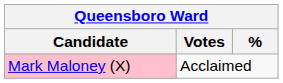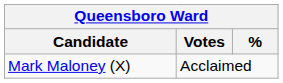 <table class="wikitable">
 <tr>
 <th colspan="3"><a href='#'>Queensboro Ward</a></th>
 </tr>
 <tr>
 <th style="width: 170px">Candidate</th>
 <th style="width: 50px">Votes</th>
 <th style="width: 40px">%</th>
 </tr>
 <tr>
-<td style="background: pink;"><a href='#'>Mark Maloney</a> (X)</td>
+<td><a href='#'>Mark Maloney</a> (X)</td>
 <td colspan="2">Acclaimed</td>
 </tr>
 </table>
